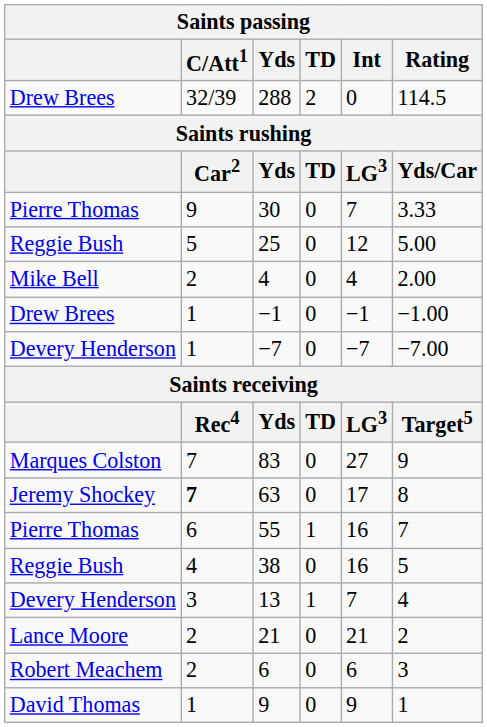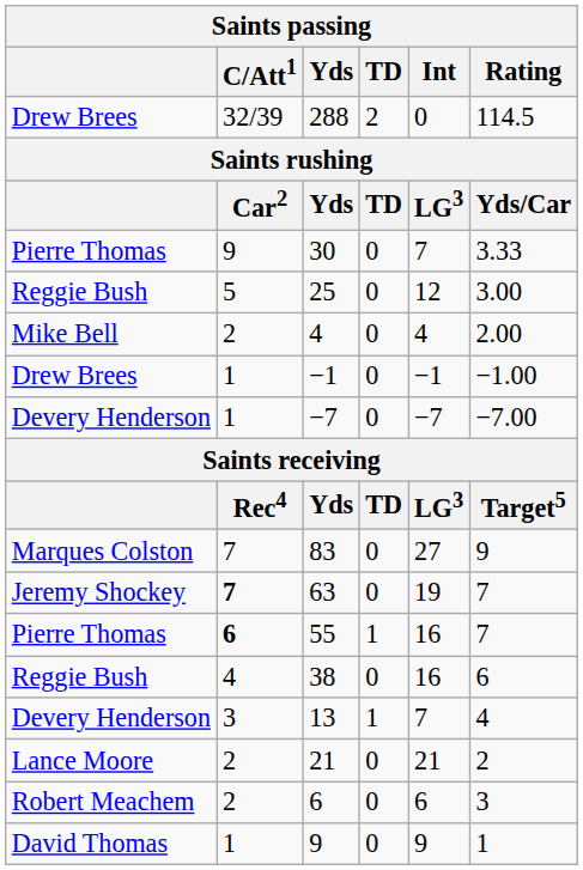 <table class="wikitable">
 <tr>
 <th colspan="6">Saints passing</th>
 </tr>
 <tr>
 <th> </th>
 <th>C/Att<sup>1</sup></th>
 <th>Yds</th>
 <th>TD</th>
 <th>Int</th>
 <th>Rating</th>
 </tr>
 <tr>
 <td><a href='#'>Drew Brees</a></td>
 <td>32/39</td>
 <td>288</td>
 <td>2</td>
 <td>0</td>
 <td>114.5</td>
 </tr>
 <tr>
 <th colspan="6">Saints rushing</th>
 </tr>
 <tr>
 <th> </th>
 <th>Car<sup>2</sup></th>
 <th>Yds</th>
 <th>TD</th>
 <th>LG<sup>3</sup></th>
 <th>Yds/Car</th>
 </tr>
 <tr>
 <td><a href='#'>Pierre Thomas</a></td>
 <td>9</td>
 <td>30</td>
 <td>0</td>
 <td>7</td>
 <td>3.33</td>
 </tr>
 <tr>
 <td><a href='#'>Reggie Bush</a></td>
 <td>5</td>
 <td>25</td>
 <td>0</td>
 <td>12</td>
-<td>5.00</td>
+<td>3.00</td>
 </tr>
 <tr>
 <td><a href='#'>Mike Bell</a></td>
 <td>2</td>
 <td>4</td>
 <td>0</td>
 <td>4</td>
 <td>2.00</td>
 </tr>
 <tr>
 <td><a href='#'>Drew Brees</a></td>
 <td>1</td>
 <td>−1</td>
 <td>0</td>
 <td>−1</td>
 <td>−1.00</td>
 </tr>
 <tr>
 <td><a href='#'>Devery Henderson</a></td>
 <td>1</td>
 <td>−7</td>
 <td>0</td>
 <td>−7</td>
 <td>−7.00</td>
 </tr>
 <tr>
 <th colspan="6">Saints receiving</th>
 </tr>
 <tr>
 <th> </th>
 <th>Rec<sup>4</sup></th>
 <th>Yds</th>
 <th>TD</th>
 <th>LG<sup>3</sup></th>
 <th>Target<sup>5</sup></th>
 </tr>
 <tr>
 <td><a href='#'>Marques Colston</a></td>
 <td>7</td>
 <td>83</td>
 <td>0</td>
 <td>27</td>
 <td>9</td>
 </tr>
 <tr>
 <td><a href='#'>Jeremy Shockey</a></td>
 <td><strong>7</strong></td>
 <td>63</td>
 <td>0</td>
-<td>17</td>
-<td>8</td>
+<td>19</td>
+<td>7</td>
 </tr>
 <tr>
 <td><a href='#'>Pierre Thomas</a></td>
-<td>6</td>
+<td><strong>6</strong></td>
 <td>55</td>
 <td>1</td>
 <td>16</td>
 <td>7</td>
 </tr>
 <tr>
 <td><a href='#'>Reggie Bush</a></td>
 <td>4</td>
 <td>38</td>
 <td>0</td>
 <td>16</td>
-<td>5</td>
+<td>6</td>
 </tr>
 <tr>
 <td><a href='#'>Devery Henderson</a></td>
 <td>3</td>
 <td>13</td>
 <td>1</td>
 <td>7</td>
 <td>4</td>
 </tr>
 <tr>
 <td><a href='#'>Lance Moore</a></td>
 <td>2</td>
 <td>21</td>
 <td>0</td>
 <td>21</td>
 <td>2</td>
 </tr>
 <tr>
 <td><a href='#'>Robert Meachem</a></td>
 <td>2</td>
 <td>6</td>
 <td>0</td>
 <td>6</td>
 <td>3</td>
 </tr>
 <tr>
 <td><a href='#'>David Thomas</a></td>
 <td>1</td>
 <td>9</td>
 <td>0</td>
 <td>9</td>
 <td>1</td>
 </tr>
 </table>
